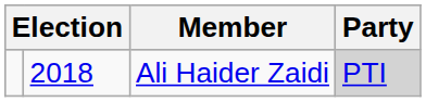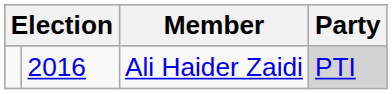 <table class="wikitable">
 <tr>
 <th colspan="2">Election</th>
 <th>Member</th>
 <th>Party</th>
 </tr>
 <tr>
 <td style="background-color: "></td>
-<td><a href='#'>2018</a></td>
+<td><a href='#'>2016</a></td>
 <td><a href='#'>Ali Haider Zaidi</a></td>
 <td style="background: lightgrey;"><a href='#'>PTI</a></td>
 </tr>
 </table>
